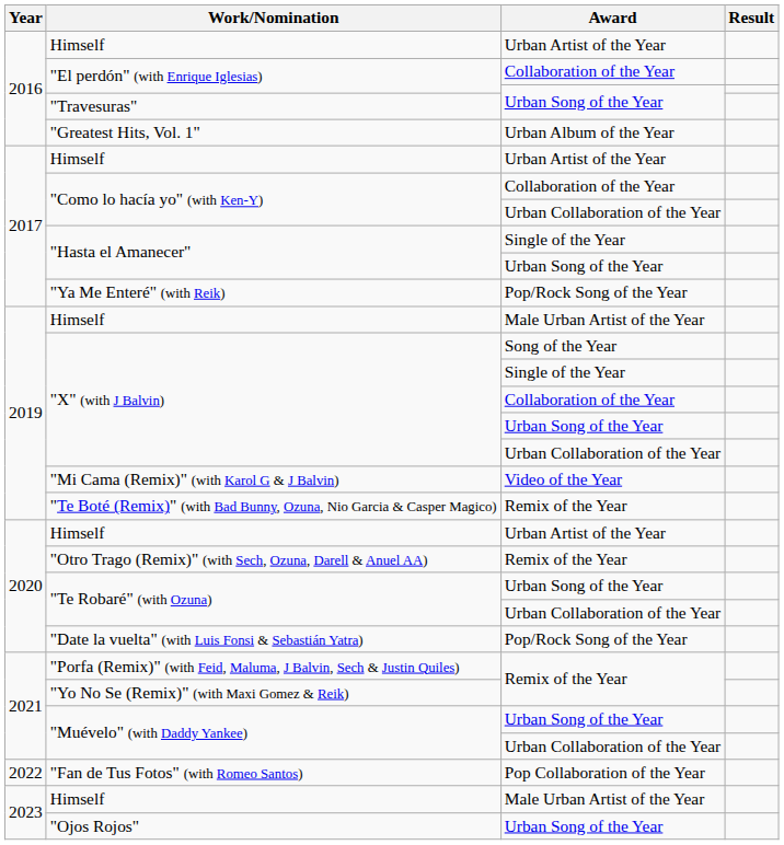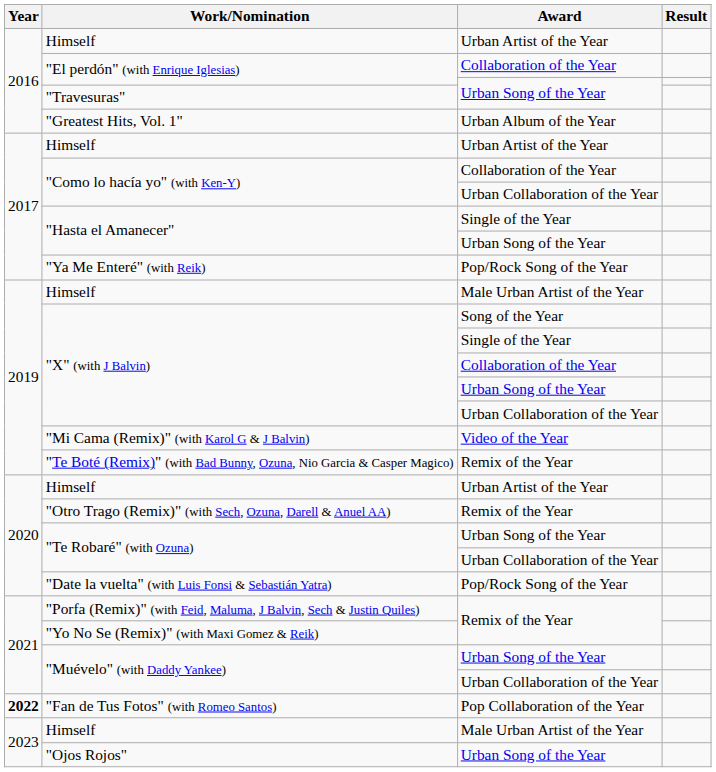 <table class="wikitable">
 <tr>
 <th>Year</th>
 <th>Work/Nomination</th>
 <th>Award</th>
 <th>Result</th>
 </tr>
 <tr>
 <td rowspan=5>2016</td>
 <td>Himself</td>
 <td>Urban Artist of the Year</td>
 <td></td>
 </tr>
 <tr>
 <td rowspan=2>"El perdón" <small>(with <a href='#'>Enrique Iglesias</a>)</small></td>
 <td><a href='#'>Collaboration of the Year</a></td>
 <td></td>
 </tr>
 <tr>
 <td rowspan=2><a href='#'>Urban Song of the Year</a></td>
 <td></td>
 </tr>
 <tr>
 <td>"Travesuras"</td>
 <td></td>
 </tr>
 <tr>
 <td>"Greatest Hits, Vol. 1"</td>
 <td>Urban Album of the Year</td>
 <td></td>
 </tr>
 <tr>
 <td rowspan=6>2017</td>
 <td>Himself</td>
 <td>Urban Artist of the Year</td>
 <td></td>
 </tr>
 <tr>
 <td rowspan=2>"Como lo hacía yo" <small>(with <a href='#'>Ken-Y</a>)</small></td>
 <td>Collaboration of the Year</td>
 <td></td>
 </tr>
 <tr>
 <td>Urban Collaboration of the Year</td>
 <td></td>
 </tr>
 <tr>
 <td rowspan=2>"Hasta el Amanecer"</td>
 <td>Single of the Year</td>
 <td></td>
 </tr>
 <tr>
 <td>Urban Song of the Year</td>
 <td></td>
 </tr>
 <tr>
 <td>"Ya Me Enteré" <small>(with <a href='#'>Reik</a>)</small></td>
 <td>Pop/Rock Song of the Year</td>
 <td></td>
 </tr>
 <tr>
 <td rowspan="8">2019</td>
 <td>Himself</td>
 <td>Male Urban Artist of the Year</td>
 <td></td>
 </tr>
 <tr>
 <td rowspan="5">"X" <small>(with <a href='#'>J Balvin</a>)</small></td>
 <td>Song of the Year</td>
 <td></td>
 </tr>
 <tr>
 <td>Single of the Year</td>
 <td></td>
 </tr>
 <tr>
 <td><a href='#'>Collaboration of the Year</a></td>
 <td></td>
 </tr>
 <tr>
 <td><a href='#'>Urban Song of the Year</a></td>
 <td></td>
 </tr>
 <tr>
 <td>Urban Collaboration of the Year</td>
 <td></td>
 </tr>
 <tr>
 <td>"Mi Cama (Remix)" <small>(with <a href='#'>Karol G</a> & <a href='#'>J Balvin</a>)</small></td>
 <td><a href='#'>Video of the Year</a></td>
 <td></td>
 </tr>
 <tr>
 <td rowspan="1">"<a href='#'>Te Boté (Remix)</a>" <small>(with <a href='#'>Bad Bunny</a>, <a href='#'>Ozuna</a>, Nio Garcia & Casper Magico)</small></td>
 <td>Remix of the Year</td>
 <td></td>
 </tr>
 <tr>
 <td rowspan=5>2020</td>
 <td>Himself</td>
 <td>Urban Artist of the Year</td>
 <td></td>
 </tr>
 <tr>
 <td rowspan=1>"Otro Trago (Remix)" <small>(with <a href='#'>Sech</a>, <a href='#'>Ozuna</a>, <a href='#'>Darell</a> & <a href='#'>Anuel AA</a>)</small></td>
 <td>Remix of the Year</td>
 <td></td>
 </tr>
 <tr>
 <td rowspan=2>"Te Robaré" <small>(with <a href='#'>Ozuna</a>)</small></td>
 <td>Urban Song of the Year</td>
 <td></td>
 </tr>
 <tr>
 <td>Urban Collaboration of the Year</td>
 <td></td>
 </tr>
 <tr>
 <td>"Date la vuelta" <small>(with <a href='#'>Luis Fonsi</a> & <a href='#'>Sebastián Yatra</a>)</small></td>
 <td>Pop/Rock Song of the Year</td>
 <td></td>
 </tr>
 <tr>
 <td rowspan="4">2021</td>
 <td>"Porfa (Remix)" <small>(with <a href='#'>Feid</a>, <a href='#'>Maluma</a>, <a href='#'>J Balvin</a>, <a href='#'>Sech</a> & <a href='#'>Justin Quiles</a>)</small></td>
 <td rowspan="2">Remix of the Year</td>
 <td></td>
 </tr>
 <tr>
 <td>"Yo No Se (Remix)" <small>(with Maxi Gomez & <a href='#'>Reik</a>)</small></td>
 <td></td>
 </tr>
 <tr>
 <td rowspan="2">"Muévelo" <small>(with <a href='#'>Daddy Yankee</a>)</small></td>
 <td><a href='#'>Urban Song of the Year</a></td>
 <td></td>
 </tr>
 <tr>
 <td>Urban Collaboration of the Year</td>
 <td></td>
 </tr>
 <tr>
-<td>2022</td>
+<td><strong>2022</strong></td>
 <td>"Fan de Tus Fotos" <small>(with <a href='#'>Romeo Santos</a>)</small></td>
 <td>Pop Collaboration of the Year</td>
 <td></td>
 </tr>
 <tr>
 <td rowspan="2">2023</td>
 <td>Himself</td>
 <td>Male Urban Artist of the Year</td>
 <td></td>
 </tr>
 <tr>
 <td>"Ojos Rojos"</td>
 <td><a href='#'>Urban Song of the Year</a></td>
 <td></td>
 </tr>
 </table>
